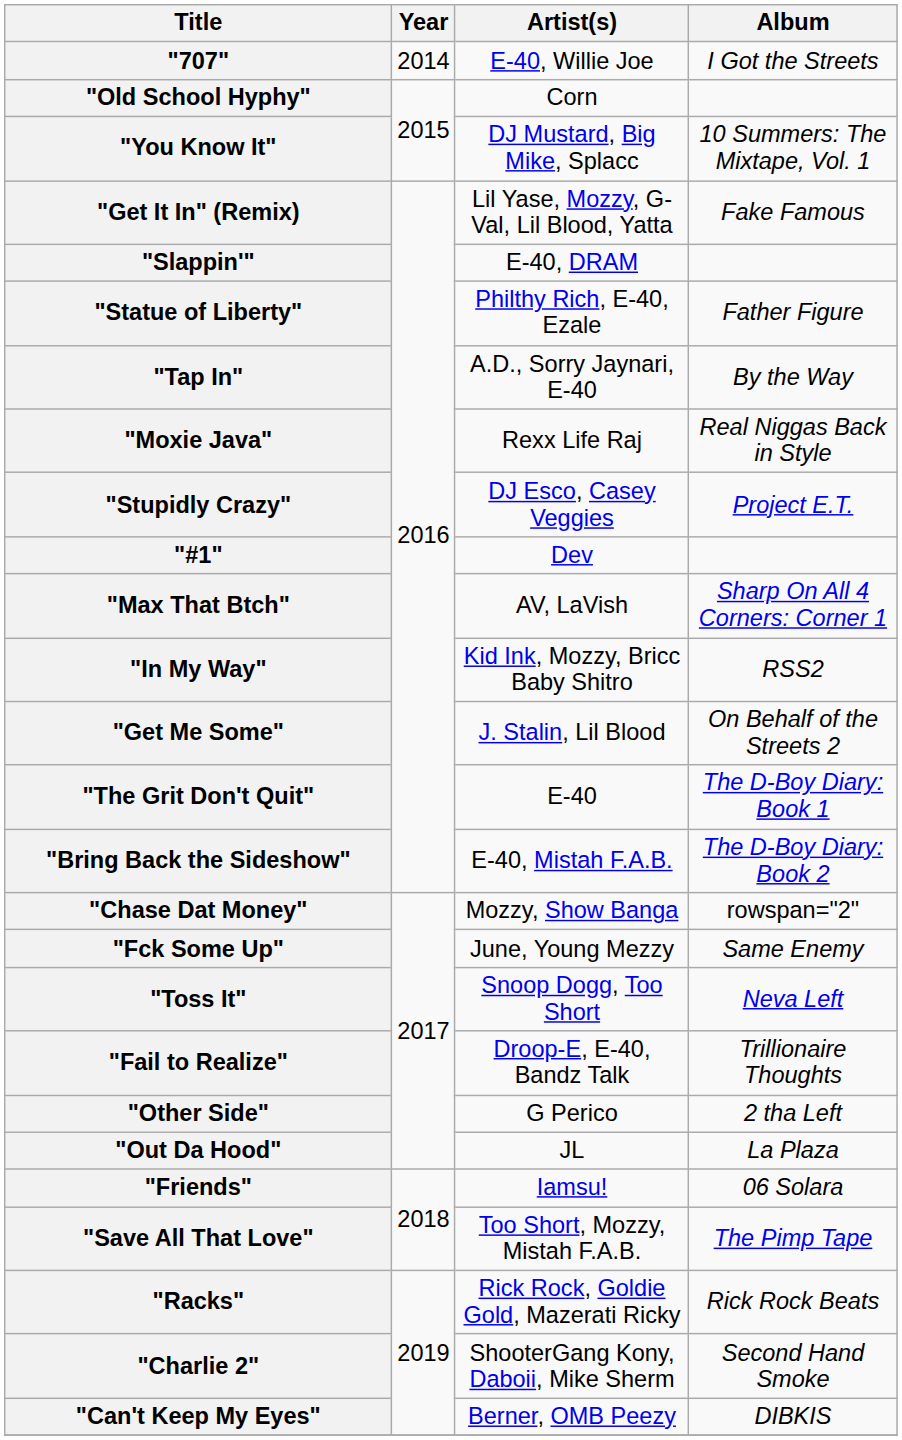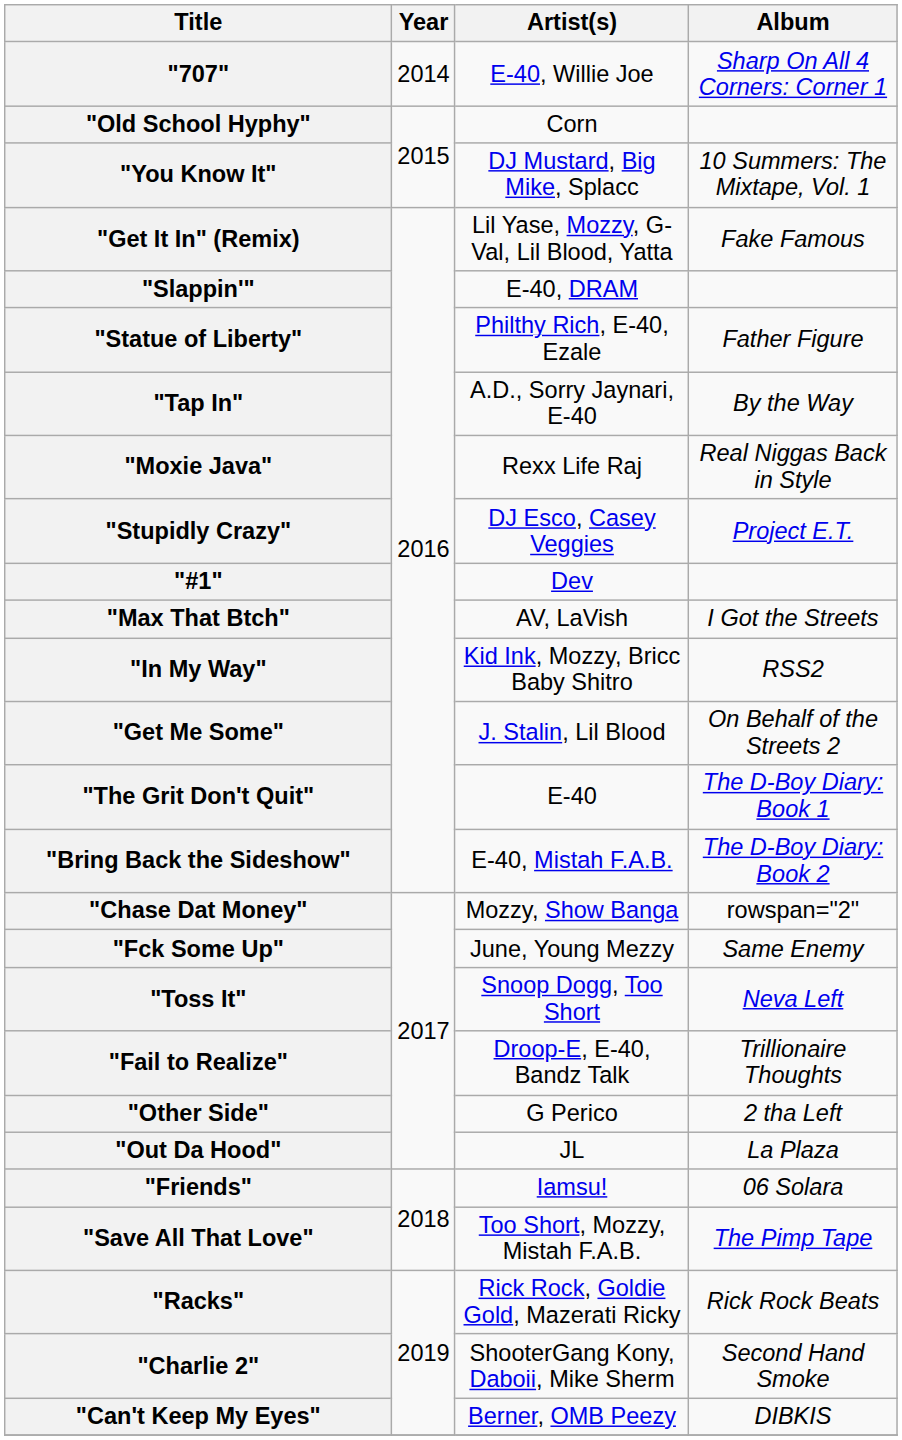 <table class="wikitable plainrowheaders" style="text-align:center;">
 <tr>
 <th scope="col" style="width:16em;">Title</th>
 <th scope="col">Year</th>
 <th scope="col">Artist(s)</th>
 <th scope="col">Album</th>
 </tr>
 <tr>
 <th scope="row">"707"</th>
 <td rowspan="1">2014</td>
 <td><a href='#'>E-40</a>, Willie Joe</td>
-<td><em>I Got the Streets</em></td>
+<td><em><a href='#'>Sharp On All 4 Corners: Corner 1</a></em></td>
 </tr>
 <tr>
 <th scope="row">"Old School Hyphy"</th>
 <td rowspan="2">2015</td>
 <td>Corn</td>
 <td></td>
 </tr>
 <tr>
 <th scope="row">"You Know It"</th>
 <td><a href='#'>DJ Mustard</a>, <a href='#'>Big Mike</a>, Splacc</td>
 <td><em>10 Summers: The Mixtape, Vol. 1</em></td>
 </tr>
 <tr>
 <th scope="row">"Get It In" (Remix)</th>
 <td rowspan="12">2016</td>
 <td>Lil Yase, <a href='#'>Mozzy</a>, G-Val, Lil Blood, Yatta</td>
 <td><em>Fake Famous</em></td>
 </tr>
 <tr>
 <th scope="row">"Slappin'"</th>
 <td>E-40, <a href='#'>DRAM</a></td>
 </tr>
 <tr>
 <th scope="row">"Statue of Liberty"</th>
 <td><a href='#'>Philthy Rich</a>, E-40, Ezale</td>
 <td><em>Father Figure</em></td>
 </tr>
 <tr>
 <th scope="row">"Tap In"</th>
 <td>A.D., Sorry Jaynari, E-40</td>
 <td><em>By the Way</em></td>
 </tr>
 <tr>
 <th scope="row">"Moxie Java"</th>
 <td>Rexx Life Raj</td>
 <td><em>Real Niggas Back in Style</em></td>
 </tr>
 <tr>
 <th scope="row">"Stupidly Crazy"</th>
 <td><a href='#'>DJ Esco</a>, <a href='#'>Casey Veggies</a></td>
 <td><em><a href='#'>Project E.T.</a></em></td>
 </tr>
 <tr>
 <th scope="row">"#1"</th>
 <td><a href='#'>Dev</a></td>
 <td></td>
 </tr>
 <tr>
 <th scope="row">"Max That Btch"</th>
 <td>AV, LaVish</td>
-<td><em><a href='#'>Sharp On All 4 Corners: Corner 1</a></em></td>
+<td><em>I Got the Streets</em></td>
 </tr>
 <tr>
 <th scope="row">"In My Way"</th>
 <td><a href='#'>Kid Ink</a>, Mozzy, Bricc Baby Shitro</td>
 <td><em>RSS2</em></td>
 </tr>
 <tr>
 <th scope="row">"Get Me Some"</th>
 <td><a href='#'>J. Stalin</a>, Lil Blood</td>
 <td><em>On Behalf of the Streets 2</em></td>
 </tr>
 <tr>
 <th scope="row">"The Grit Don't Quit"</th>
 <td>E-40</td>
 <td><em><a href='#'>The D-Boy Diary: Book 1</a></em></td>
 </tr>
 <tr>
 <th scope="row">"Bring Back the Sideshow"</th>
 <td>E-40, <a href='#'>Mistah F.A.B.</a></td>
 <td><em><a href='#'>The D-Boy Diary: Book 2</a></em></td>
 </tr>
 <tr>
 <th scope="row">"Chase Dat Money"</th>
 <td rowspan="6">2017</td>
 <td>Mozzy, <a href='#'>Show Banga</a></td>
 <td>rowspan="2" </td>
 </tr>
 <tr>
 <th scope="row">"Fck Some Up"</th>
 <td>June, Young Mezzy</td>
 <td><em>Same Enemy</em></td>
 </tr>
 <tr>
 <th scope="row">"Toss It"</th>
 <td><a href='#'>Snoop Dogg</a>, <a href='#'>Too Short</a></td>
 <td><em><a href='#'>Neva Left</a></em></td>
 </tr>
 <tr>
 <th scope="row">"Fail to Realize"</th>
 <td><a href='#'>Droop-E</a>, E-40, Bandz Talk</td>
 <td><em>Trillionaire Thoughts</em></td>
 </tr>
 <tr>
 <th scope="row">"Other Side"</th>
 <td>G Perico</td>
 <td><em>2 tha Left</em></td>
 </tr>
 <tr>
 <th scope="row">"Out Da Hood"</th>
 <td>JL</td>
 <td><em>La Plaza</em></td>
 </tr>
 <tr>
 <th scope="row">"Friends"</th>
 <td rowspan="2">2018</td>
 <td><a href='#'>Iamsu!</a></td>
 <td><em>06 Solara</em></td>
 </tr>
 <tr>
 <th scope="row">"Save All That Love"</th>
 <td><a href='#'>Too Short</a>, Mozzy, Mistah F.A.B.</td>
 <td><em><a href='#'>The Pimp Tape</a></em></td>
 </tr>
 <tr>
 <th scope="row">"Racks"</th>
 <td rowspan="3">2019</td>
 <td><a href='#'>Rick Rock</a>, <a href='#'>Goldie Gold</a>, Mazerati Ricky</td>
 <td><em>Rick Rock Beats</em></td>
 </tr>
 <tr>
 <th scope="row">"Charlie 2"</th>
 <td>ShooterGang Kony, <a href='#'>Daboii</a>, Mike Sherm</td>
 <td><em>Second Hand Smoke</em></td>
 </tr>
 <tr>
 <th scope="row">"Can't Keep My Eyes"</th>
 <td><a href='#'>Berner</a>, <a href='#'>OMB Peezy</a></td>
 <td><em>DIBKIS</em></td>
 </tr>
 <tr>
 </tr>
 </table>
